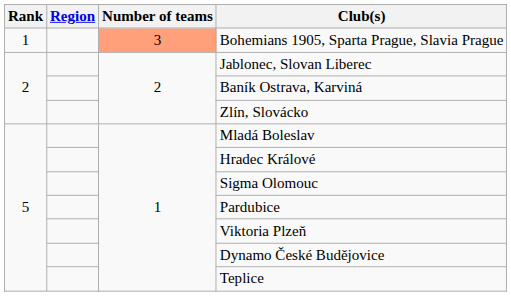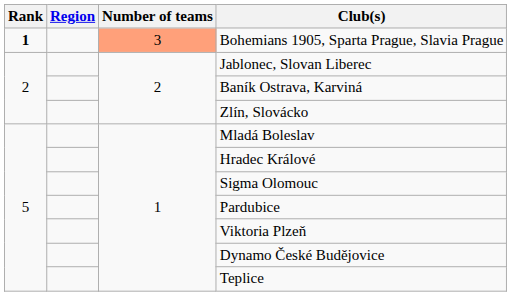 <table class="wikitable">
 <tr>
 <th>Rank</th>
 <th><a href='#'>Region</a></th>
 <th>Number of teams</th>
 <th>Club(s)</th>
 </tr>
 <tr>
-<td align="center">1</td>
+<td align="center"><strong>1</strong></td>
 <td></td>
 <td align="center" style="background: lightsalmon;">3</td>
 <td>Bohemians 1905, Sparta Prague, Slavia Prague</td>
 </tr>
 <tr>
 <td align="center" rowspan=3>2</td>
 <td></td>
 <td align="center" rowspan=3>2</td>
 <td>Jablonec, Slovan Liberec</td>
 </tr>
 <tr>
 <td></td>
 <td>Baník Ostrava, Karviná</td>
 </tr>
 <tr>
 <td></td>
 <td>Zlín, Slovácko</td>
 </tr>
 <tr>
 <td align="center" rowspan=7>5</td>
 <td></td>
 <td align="center" rowspan=7>1</td>
 <td>Mladá Boleslav</td>
 </tr>
 <tr>
 <td></td>
 <td>Hradec Králové</td>
 </tr>
 <tr>
 <td></td>
 <td>Sigma Olomouc</td>
 </tr>
 <tr>
 <td></td>
 <td>Pardubice</td>
 </tr>
 <tr>
 <td></td>
 <td>Viktoria Plzeň</td>
 </tr>
 <tr>
 <td></td>
 <td>Dynamo České Budějovice</td>
 </tr>
 <tr>
 <td></td>
 <td>Teplice</td>
 </tr>
 </table>
